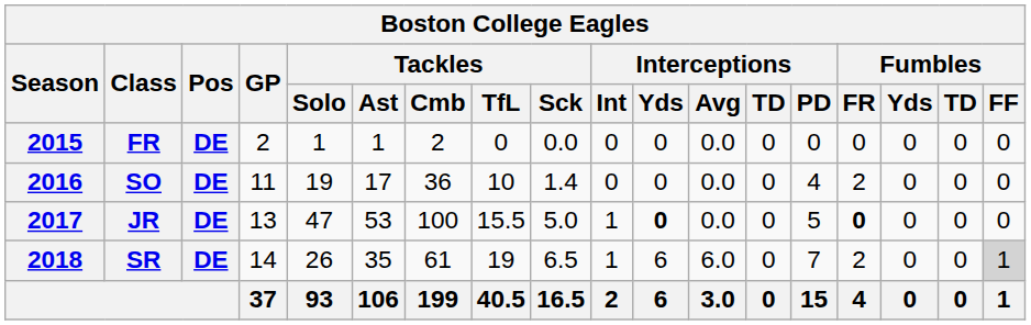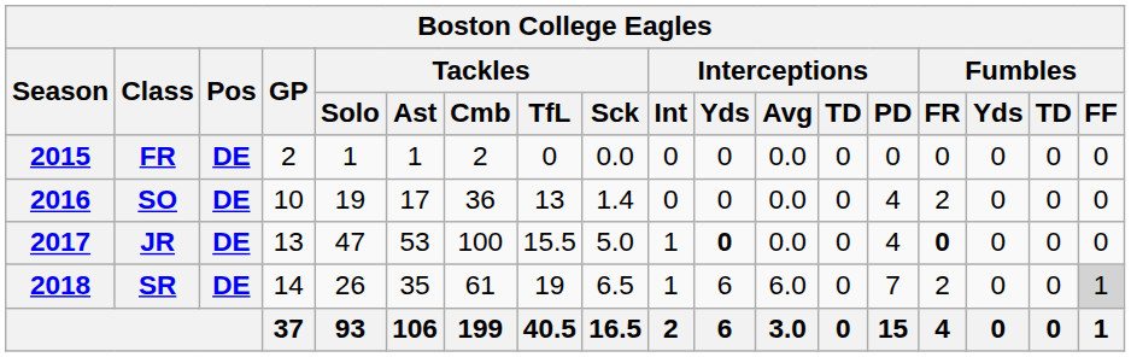 <table class="wikitable" style="text-align:center;">
 <tr>
 <th colspan="18">Boston College Eagles</th>
 </tr>
 <tr>
 <th rowspan="2">Season</th>
 <th rowspan="2">Class</th>
 <th rowspan="2">Pos</th>
 <th rowspan="2">GP</th>
 <th colspan="5">Tackles</th>
 <th colspan="5">Interceptions</th>
 <th colspan="4">Fumbles</th>
 </tr>
 <tr>
 <th>Solo</th>
 <th>Ast</th>
 <th>Cmb</th>
 <th>TfL</th>
 <th>Sck</th>
 <th>Int</th>
 <th>Yds</th>
 <th>Avg</th>
 <th>TD</th>
 <th>PD</th>
 <th>FR</th>
 <th>Yds</th>
 <th>TD</th>
 <th>FF</th>
 </tr>
 <tr>
 <th><a href='#'>2015</a></th>
 <th><a href='#'>FR</a></th>
 <th><a href='#'>DE</a></th>
 <td>2</td>
 <td>1</td>
 <td>1</td>
 <td>2</td>
 <td>0</td>
 <td>0.0</td>
 <td>0</td>
 <td>0</td>
 <td>0.0</td>
 <td>0</td>
 <td>0</td>
 <td>0</td>
 <td>0</td>
 <td>0</td>
 <td>0</td>
 </tr>
 <tr>
 <th><a href='#'>2016</a></th>
 <th><a href='#'>SO</a></th>
 <th><a href='#'>DE</a></th>
-<td>11</td>
+<td>10</td>
 <td>19</td>
 <td>17</td>
 <td>36</td>
-<td>10</td>
+<td>13</td>
 <td>1.4</td>
 <td>0</td>
 <td>0</td>
 <td>0.0</td>
 <td>0</td>
 <td>4</td>
 <td>2</td>
 <td>0</td>
 <td>0</td>
 <td>0</td>
 </tr>
 <tr>
 <th><a href='#'>2017</a></th>
 <th><a href='#'>JR</a></th>
 <th><a href='#'>DE</a></th>
 <td>13</td>
 <td>47</td>
 <td>53</td>
 <td>100</td>
 <td>15.5</td>
 <td>5.0</td>
 <td>1</td>
 <td><strong>0</strong></td>
 <td>0.0</td>
 <td>0</td>
-<td>5</td>
+<td>4</td>
 <td><strong>0</strong></td>
 <td>0</td>
 <td>0</td>
 <td>0</td>
 </tr>
 <tr>
 <th><a href='#'>2018</a></th>
 <th><a href='#'>SR</a></th>
 <th><a href='#'>DE</a></th>
 <td>14</td>
 <td>26</td>
 <td>35</td>
 <td>61</td>
 <td>19</td>
 <td>6.5</td>
 <td>1</td>
 <td>6</td>
 <td>6.0</td>
 <td>0</td>
 <td>7</td>
 <td>2</td>
 <td>0</td>
 <td>0</td>
 <td style="background: lightgrey;">1</td>
 </tr>
 <tr>
 <th colspan="3"></th>
 <th>37</th>
 <th>93</th>
 <th>106</th>
 <th>199</th>
 <th>40.5</th>
 <th>16.5</th>
 <th>2</th>
 <th>6</th>
 <th>3.0</th>
 <th>0</th>
 <th>15</th>
 <th>4</th>
 <th>0</th>
 <th>0</th>
 <th>1</th>
 </tr>
 </table>
